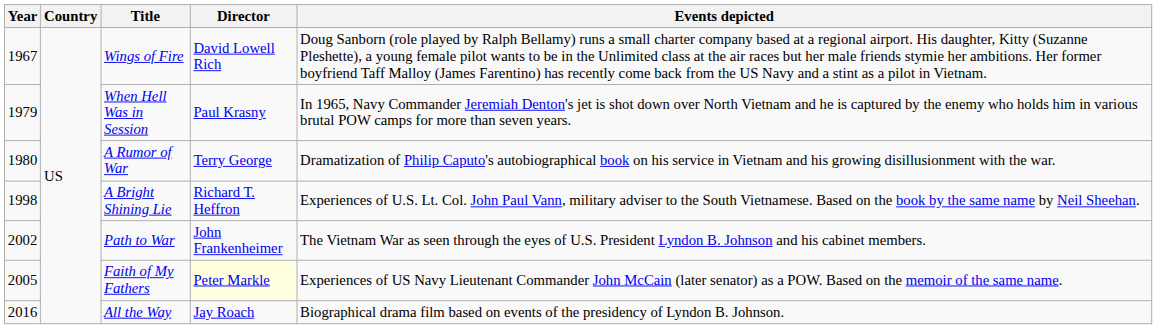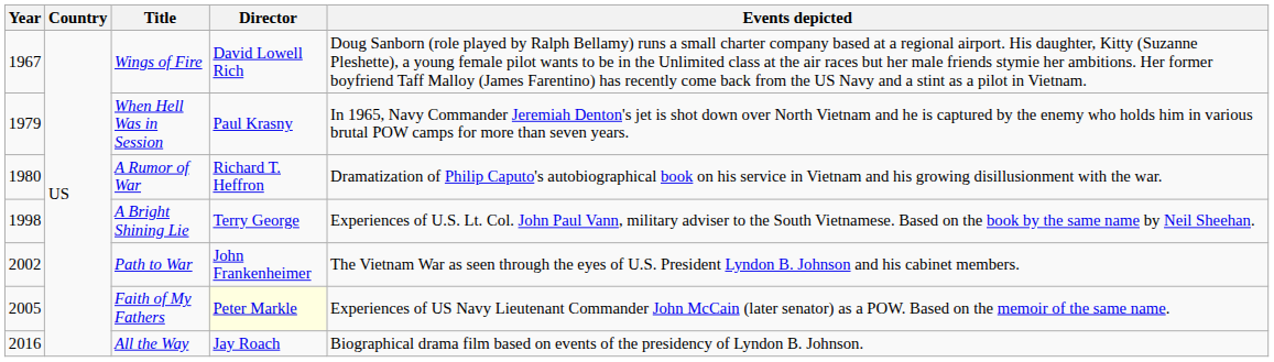 <table class="wikitable sortable">
 <tr>
 <th>Year</th>
 <th>Country</th>
 <th>Title</th>
 <th>Director</th>
 <th class="unsortable">Events depicted</th>
 </tr>
 <tr>
 <td>1967</td>
 <td rowspan="7">US</td>
 <td><em><a href='#'>Wings of Fire</a></em></td>
 <td><a href='#'>David Lowell Rich</a></td>
 <td>Doug Sanborn (role played by Ralph Bellamy) runs a small charter company based at a regional airport. His daughter, Kitty (Suzanne Pleshette), a young female pilot wants to be in the Unlimited class at the air races but her male friends stymie her ambitions. Her former boyfriend Taff Malloy (James Farentino) has recently come back from the US Navy and a stint as a pilot in Vietnam.</td>
 </tr>
 <tr>
 <td>1979</td>
 <td><em><a href='#'>When Hell Was in Session</a></em></td>
 <td><a href='#'>Paul Krasny</a></td>
 <td>In 1965, Navy Commander <a href='#'>Jeremiah Denton</a>'s jet is shot down over North Vietnam and he is captured by the enemy who holds him in various brutal POW camps for more than seven years.</td>
 </tr>
 <tr>
 <td>1980</td>
 <td><em><a href='#'>A Rumor of War</a></em></td>
-<td><a href='#'>Terry George</a></td>
+<td><a href='#'>Richard T. Heffron</a></td>
 <td>Dramatization of <a href='#'>Philip Caputo</a>'s autobiographical <a href='#'>book</a> on his service in Vietnam and his growing disillusionment with the war.</td>
 </tr>
 <tr>
 <td>1998</td>
 <td><em><a href='#'>A Bright Shining Lie</a></em></td>
-<td><a href='#'>Richard T. Heffron</a></td>
+<td><a href='#'>Terry George</a></td>
 <td>Experiences of U.S. Lt. Col. <a href='#'>John Paul Vann</a>, military adviser to the South Vietnamese. Based on the <a href='#'>book by the same name</a> by <a href='#'>Neil Sheehan</a>.</td>
 </tr>
 <tr>
 <td>2002</td>
 <td><em><a href='#'>Path to War</a></em></td>
 <td><a href='#'>John Frankenheimer</a></td>
 <td>The Vietnam War as seen through the eyes of U.S. President <a href='#'>Lyndon B. Johnson</a> and his cabinet members.</td>
 </tr>
 <tr>
 <td>2005</td>
 <td><em><a href='#'>Faith of My Fathers</a></em></td>
 <td style="background: lightyellow;"><a href='#'>Peter Markle</a></td>
 <td>Experiences of US Navy Lieutenant Commander <a href='#'>John McCain</a> (later senator) as a POW. Based on the <a href='#'>memoir of the same name</a>.</td>
 </tr>
 <tr>
 <td>2016</td>
 <td><em><a href='#'>All the Way</a></em></td>
 <td><a href='#'>Jay Roach</a></td>
 <td>Biographical drama film based on events of the presidency of Lyndon B. Johnson.<br> </td>
 </tr>
 </table>
